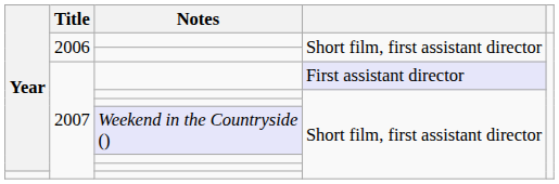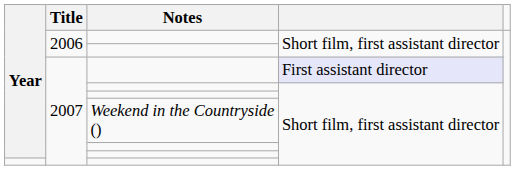 <table class="wikitable sortable">
 <tr>
 <th rowspan=9 width="33">Year</th>
 <th>Title</th>
 <th>Notes</th>
 <th scope="col" class="unsortable"></th>
 </tr>
 <tr>
 <td align="center" rowspan=2>2006</td>
 <td></td>
 <td rowspan=2>Short film, first assistant director</td>
 <td rowspan=9></td>
 </tr>
 <tr>
 <td></td>
 </tr>
 <tr>
 <td align="center" rowspan=7>2007</td>
 <td></td>
 <td style="background: lavender;">First assistant director</td>
 </tr>
 <tr>
 <td></td>
 <td rowspan=6>Short film, first assistant director</td>
 </tr>
 <tr>
 <td></td>
 </tr>
 <tr>
-<td style="background: lavender;"><em>Weekend in the Countryside</em> <br> ()</td>
+<td><em>Weekend in the Countryside</em> <br> ()</td>
 </tr>
 <tr>
 <td></td>
 </tr>
 <tr>
 <td></td>
 </tr>
 <tr>
 <td></td>
 </tr>
 </table>
